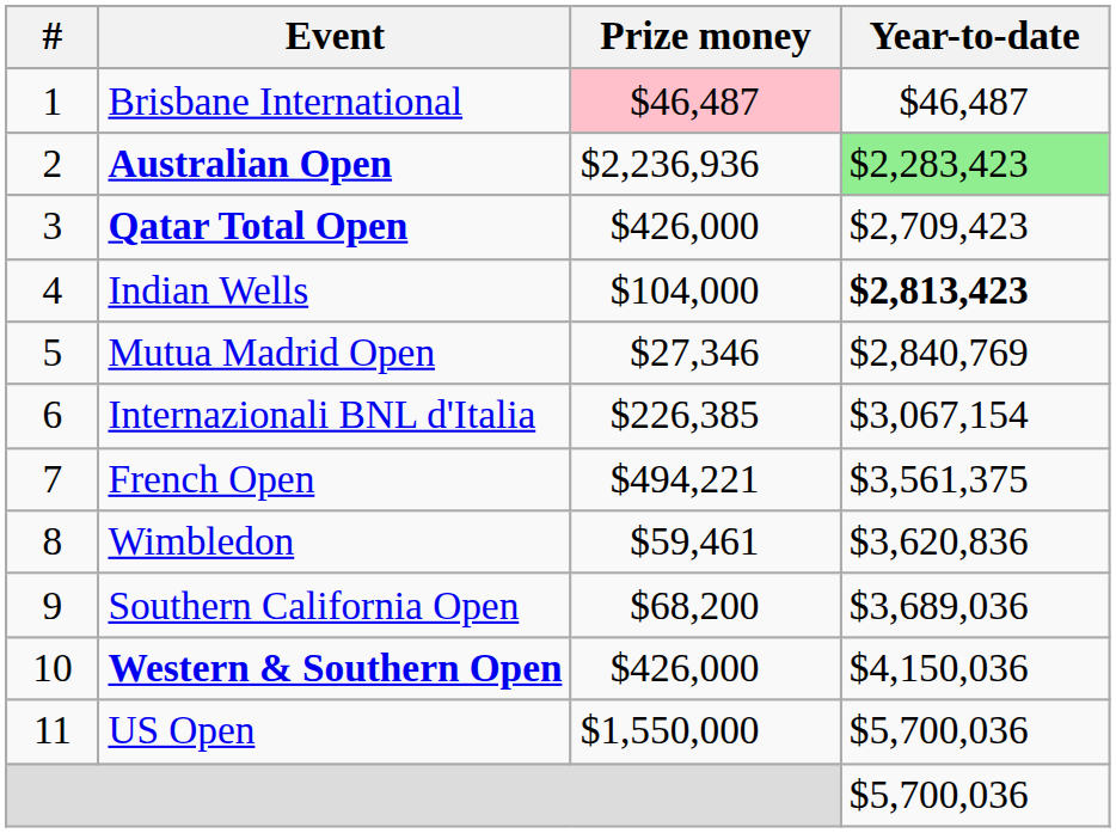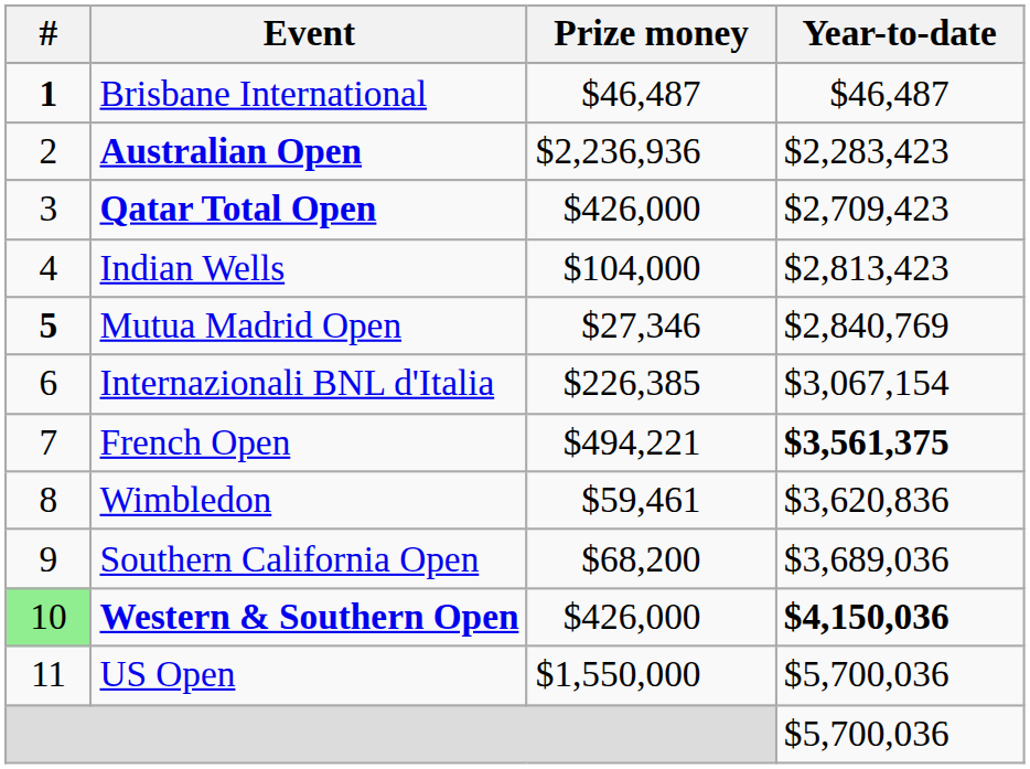 <table class="wikitable sortable">
 <tr>
 <th width=30>#</th>
 <th>Event</th>
 <th>Prize money</th>
 <th>Year-to-date</th>
 </tr>
 <tr>
-<td align=center>1</td>
+<td align=center><strong>1</strong></td>
 <td><a href='#'>Brisbane International</a></td>
-<td align=right style="background: pink; padding-right: 2em">$46,487</td>
+<td align=right style="padding-right: 2em">$46,487</td>
 <td align=right style="padding-right: 2em">$46,487</td>
 </tr>
 <tr>
 <td align=center>2</td>
 <td><strong><a href='#'>Australian Open</a></strong></td>
 <td align=right style="padding-right: 2em">$2,236,936</td>
-<td align=right style="background: lightgreen; padding-right: 2em">$2,283,423</td>
+<td align=right style="padding-right: 2em">$2,283,423</td>
 </tr>
 <tr>
 <td align=center>3</td>
 <td><strong><a href='#'>Qatar Total Open</a></strong></td>
 <td align=right style="padding-right: 2em">$426,000</td>
 <td align=right style="padding-right: 2em">$2,709,423</td>
 </tr>
 <tr>
 <td align=center>4</td>
 <td><a href='#'>Indian Wells</a></td>
 <td align=right style="padding-right: 2em">$104,000</td>
-<td align=right style="padding-right: 2em"><strong>$2,813,423</strong></td>
+<td align=right style="padding-right: 2em">$2,813,423</td>
 </tr>
 <tr>
-<td align=center>5</td>
+<td align=center><strong>5</strong></td>
 <td><a href='#'>Mutua Madrid Open</a></td>
 <td align=right style="padding-right: 2em">$27,346</td>
 <td align=right style="padding-right: 2em">$2,840,769</td>
 </tr>
 <tr>
 <td align=center>6</td>
 <td><a href='#'>Internazionali BNL d'Italia</a></td>
 <td align=right style="padding-right: 2em">$226,385</td>
 <td align=right style="padding-right: 2em">$3,067,154</td>
 </tr>
 <tr>
 <td align=center>7</td>
 <td><a href='#'>French Open</a></td>
 <td align=right style="padding-right: 2em">$494,221</td>
-<td align=right style="padding-right: 2em">$3,561,375</td>
+<td align=right style="padding-right: 2em"><strong>$3,561,375</strong></td>
 </tr>
 <tr>
 <td align=center>8</td>
 <td><a href='#'>Wimbledon</a></td>
 <td align=right style="padding-right: 2em">$59,461</td>
 <td align=right style="padding-right: 2em">$3,620,836</td>
 </tr>
 <tr>
 <td align=center>9</td>
 <td><a href='#'>Southern California Open</a></td>
 <td align=right style="padding-right: 2em">$68,200</td>
 <td align=right style="padding-right: 2em">$3,689,036</td>
 </tr>
 <tr>
-<td align=center>10</td>
+<td align=center style="background: lightgreen;">10</td>
 <td><strong><a href='#'>Western & Southern Open</a></strong></td>
 <td align=right style="padding-right: 2em">$426,000</td>
-<td align=right style="padding-right: 2em">$4,150,036</td>
+<td align=right style="padding-right: 2em"><strong>$4,150,036</strong></td>
 </tr>
 <tr>
 <td align=center>11</td>
 <td><a href='#'>US Open</a></td>
 <td align=right style="padding-right: 2em">$1,550,000</td>
 <td align=right style="padding-right: 2em">$5,700,036</td>
 </tr>
 <tr class="sortbottom">
 <td colspan=3 bgcolor=#DCDCDC></td>
 <td align=right style="padding-right: 2em">$5,700,036</td>
 </tr>
 </table>
